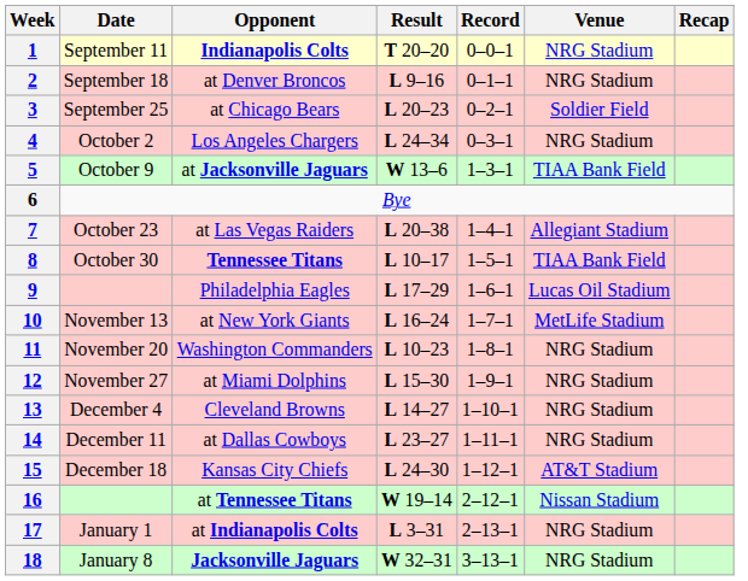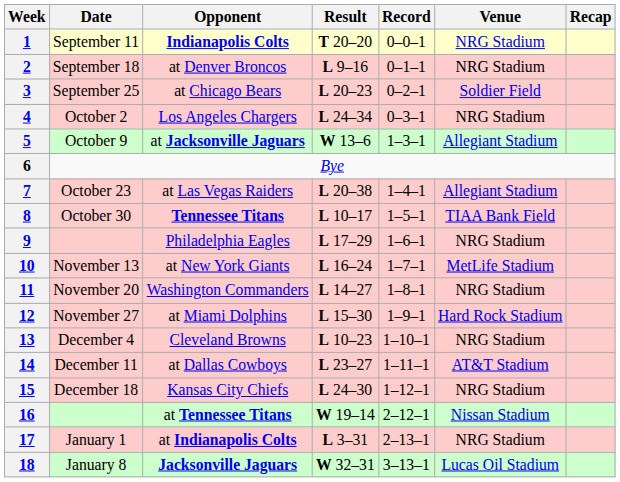 <table class="wikitable" style="text-align:center">
 <tr>
 <th>Week</th>
 <th>Date</th>
 <th>Opponent</th>
 <th>Result</th>
 <th>Record</th>
 <th>Venue</th>
 <th>Recap</th>
 </tr>
 <tr style="background:#ffc">
 <th><a href='#'>1</a></th>
 <td>September 11</td>
 <td><strong><a href='#'>Indianapolis Colts</a></strong></td>
 <td><strong>T</strong> 20–20 </td>
 <td>0–0–1</td>
 <td><a href='#'>NRG Stadium</a></td>
 <td></td>
 </tr>
 <tr style="background:#fcc">
 <th><a href='#'>2</a></th>
 <td>September 18</td>
 <td>at <a href='#'>Denver Broncos</a></td>
 <td><strong>L</strong> 9–16</td>
 <td>0–1–1</td>
 <td>NRG Stadium</td>
 <td></td>
 </tr>
 <tr style="background:#fcc">
 <th><a href='#'>3</a></th>
 <td>September 25</td>
 <td>at <a href='#'>Chicago Bears</a></td>
 <td><strong>L</strong> 20–23</td>
 <td>0–2–1</td>
 <td><a href='#'>Soldier Field</a></td>
 <td></td>
 </tr>
 <tr style="background:#fcc">
 <th><a href='#'>4</a></th>
 <td>October 2</td>
 <td><a href='#'>Los Angeles Chargers</a></td>
 <td><strong>L</strong> 24–34</td>
 <td>0–3–1</td>
 <td>NRG Stadium</td>
 <td></td>
 </tr>
 <tr style="background:#cfc">
 <th><a href='#'>5</a></th>
 <td>October 9</td>
 <td>at <strong><a href='#'>Jacksonville Jaguars</a></strong></td>
 <td><strong>W</strong> 13–6</td>
 <td>1–3–1</td>
-<td><a href='#'>TIAA Bank Field</a></td>
+<td><a href='#'>Allegiant Stadium</a></td>
 <td></td>
 </tr>
 <tr style="background:#">
 <th>6</th>
 <td colspan="6"><em><a href='#'>Bye</a></em></td>
 </tr>
 <tr style="background:#fcc">
 <th><a href='#'>7</a></th>
 <td>October 23</td>
 <td>at <a href='#'>Las Vegas Raiders</a></td>
 <td><strong>L</strong> 20–38</td>
 <td>1–4–1</td>
 <td><a href='#'>Allegiant Stadium</a></td>
 <td></td>
 </tr>
 <tr style="background:#fcc">
 <th><a href='#'>8</a></th>
 <td>October 30</td>
 <td><strong><a href='#'>Tennessee Titans</a></strong></td>
 <td><strong>L</strong> 10–17</td>
 <td>1–5–1</td>
 <td><a href='#'>TIAA Bank Field</a></td>
 <td></td>
 </tr>
 <tr style="background:#fcc">
 <th><a href='#'>9</a></th>
 <td></td>
 <td><a href='#'>Philadelphia Eagles</a></td>
 <td><strong>L</strong> 17–29</td>
 <td>1–6–1</td>
-<td><a href='#'>Lucas Oil Stadium</a></td>
+<td>NRG Stadium</td>
 <td></td>
 </tr>
 <tr style="background:#fcc">
 <th><a href='#'>10</a></th>
 <td>November 13</td>
 <td>at <a href='#'>New York Giants</a></td>
 <td><strong>L</strong> 16–24</td>
 <td>1–7–1</td>
 <td><a href='#'>MetLife Stadium</a></td>
 <td></td>
 </tr>
 <tr style="background:#fcc">
 <th><a href='#'>11</a></th>
 <td>November 20</td>
 <td><a href='#'>Washington Commanders</a></td>
-<td><strong>L</strong> 10–23</td>
+<td><strong>L</strong> 14–27</td>
 <td>1–8–1</td>
 <td>NRG Stadium</td>
 <td></td>
 </tr>
 <tr style="background:#fcc">
 <th><a href='#'>12</a></th>
 <td>November 27</td>
 <td>at <a href='#'>Miami Dolphins</a></td>
 <td><strong>L</strong> 15–30</td>
 <td>1–9–1</td>
-<td>NRG Stadium</td>
+<td><a href='#'>Hard Rock Stadium</a></td>
 <td></td>
 </tr>
 <tr style="background:#fcc">
 <th><a href='#'>13</a></th>
 <td>December 4</td>
 <td><a href='#'>Cleveland Browns</a></td>
-<td><strong>L</strong> 14–27</td>
+<td><strong>L</strong> 10–23</td>
 <td>1–10–1</td>
 <td>NRG Stadium</td>
 <td></td>
 </tr>
 <tr style="background:#fcc">
 <th><a href='#'>14</a></th>
 <td>December 11</td>
 <td>at <a href='#'>Dallas Cowboys</a></td>
 <td><strong>L</strong> 23–27</td>
 <td>1–11–1</td>
-<td>NRG Stadium</td>
+<td><a href='#'>AT&T Stadium</a></td>
 <td></td>
 </tr>
 <tr style="background:#fcc">
 <th><a href='#'>15</a></th>
 <td>December 18</td>
 <td><a href='#'>Kansas City Chiefs</a></td>
 <td><strong>L</strong> 24–30 </td>
 <td>1–12–1</td>
-<td><a href='#'>AT&T Stadium</a></td>
+<td>NRG Stadium</td>
 <td></td>
 </tr>
 <tr style="background:#cfc">
 <th><a href='#'>16</a></th>
 <td></td>
 <td>at <strong><a href='#'>Tennessee Titans</a></strong></td>
 <td><strong>W</strong> 19–14</td>
 <td>2–12–1</td>
 <td><a href='#'>Nissan Stadium</a></td>
 <td></td>
 </tr>
 <tr style="background:#fcc">
 <th><a href='#'>17</a></th>
 <td>January 1</td>
 <td>at <strong><a href='#'>Indianapolis Colts</a></strong></td>
 <td><strong>L</strong> 3–31</td>
 <td>2–13–1</td>
 <td>NRG Stadium</td>
 <td></td>
 </tr>
 <tr style="background:#cfc">
 <th><a href='#'>18</a></th>
 <td>January 8</td>
 <td><strong><a href='#'>Jacksonville Jaguars</a></strong></td>
 <td><strong>W</strong> 32–31</td>
 <td>3–13–1</td>
-<td>NRG Stadium</td>
+<td><a href='#'>Lucas Oil Stadium</a></td>
 <td></td>
 </tr>
 </table>
